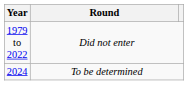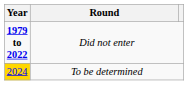 <table class="wikitable" style="text-align: center; font-size:90%">
 <tr>
 <th>Year</th>
 <th style="width:200px">Round</th>
 <th></th>
 </tr>
 <tr>
-<td><a href='#'>1979</a><br>to<br><a href='#'>2022</a></td>
+<td><strong><a href='#'>1979</a><br>to<br><a href='#'>2022</a></strong></td>
 <td colspan="2"><em>Did not enter</em></td>
 </tr>
 <tr>
-<td><a href='#'>2024</a></td>
+<td style="background: gold;"><a href='#'>2024</a></td>
 <td colspan="2"><em>To be determined</em></td>
 </tr>
 </table>
